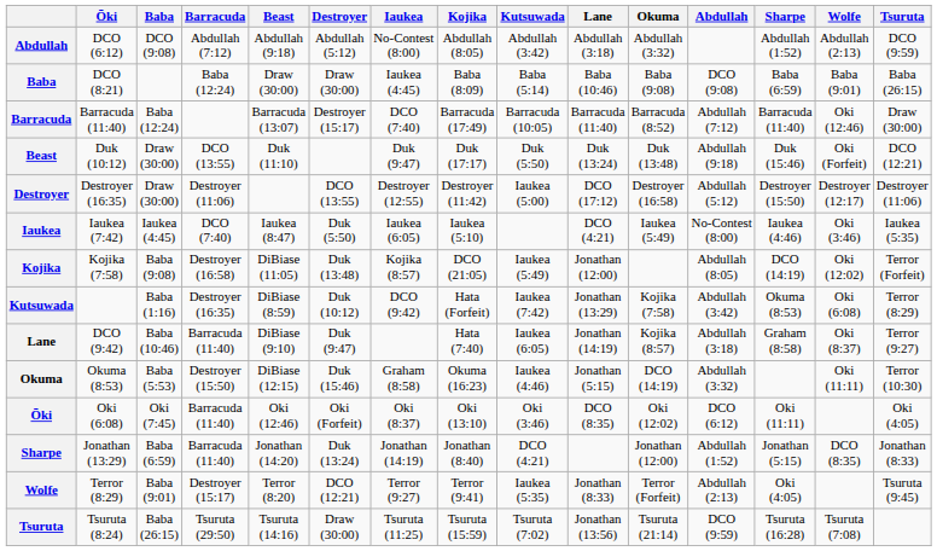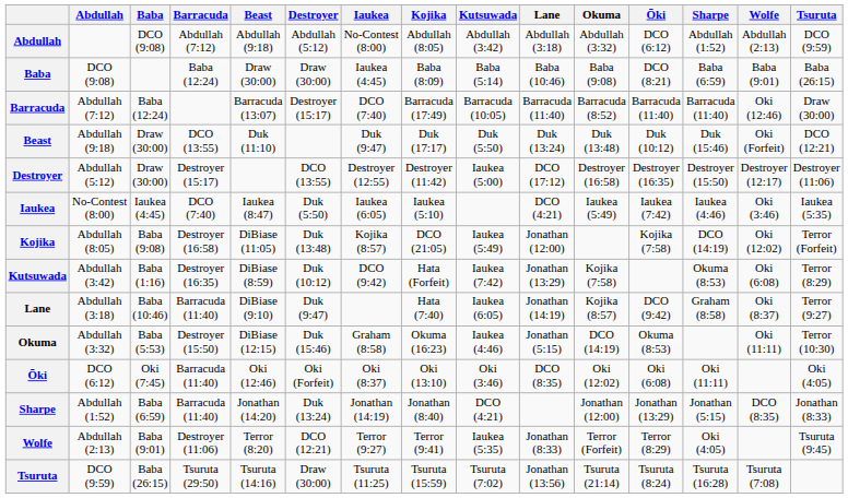 <table class="wikitable" style="margin:1em auto; font-size:80%; text-align:center;">
 <tr>
 <th></th>
-<th><a href='#'>Ōki</a></th>
+<th><a href='#'>Abdullah</a></th>
 <th><a href='#'>Baba</a></th>
 <th><a href='#'>Barracuda</a></th>
 <th><a href='#'>Beast</a></th>
 <th><a href='#'>Destroyer</a></th>
 <th><a href='#'>Iaukea</a></th>
 <th><a href='#'>Kojika</a></th>
 <th><a href='#'>Kutsuwada</a></th>
 <th>Lane</th>
 <th>Okuma</th>
-<th><a href='#'>Abdullah</a></th>
+<th><a href='#'>Ōki</a></th>
 <th><a href='#'>Sharpe</a></th>
 <th><a href='#'>Wolfe</a></th>
 <th><a href='#'>Tsuruta</a></th>
 </tr>
 <tr>
 <th><a href='#'>Abdullah</a></th>
-<td>DCO<br>(6:12)</td>
+<td></td>
 <td>DCO<br>(9:08)</td>
 <td>Abdullah<br>(7:12)</td>
 <td>Abdullah<br>(9:18)</td>
 <td>Abdullah<br>(5:12)</td>
 <td>No-Contest<br>(8:00)</td>
 <td>Abdullah<br>(8:05)</td>
 <td>Abdullah<br>(3:42)</td>
 <td>Abdullah<br>(3:18)</td>
 <td>Abdullah<br>(3:32)</td>
-<td></td>
+<td>DCO<br>(6:12)</td>
 <td>Abdullah<br>(1:52)</td>
 <td>Abdullah<br>(2:13)</td>
 <td>DCO<br>(9:59)</td>
 </tr>
 <tr>
 <th><a href='#'>Baba</a></th>
-<td>DCO<br>(8:21)</td>
+<td>DCO<br>(9:08)</td>
 <td></td>
 <td>Baba<br>(12:24)</td>
 <td>Draw<br>(30:00)</td>
 <td>Draw<br>(30:00)</td>
 <td>Iaukea<br>(4:45)</td>
 <td>Baba<br>(8:09)</td>
 <td>Baba<br>(5:14)</td>
 <td>Baba<br>(10:46)</td>
 <td>Baba<br>(9:08)</td>
-<td>DCO<br>(9:08)</td>
+<td>DCO<br>(8:21)</td>
 <td>Baba<br>(6:59)</td>
 <td>Baba<br>(9:01)</td>
 <td>Baba<br>(26:15)</td>
 </tr>
 <tr>
 <th><a href='#'>Barracuda</a></th>
-<td>Barracuda<br>(11:40)</td>
+<td>Abdullah<br>(7:12)</td>
 <td>Baba<br>(12:24)</td>
 <td></td>
 <td>Barracuda<br>(13:07)</td>
 <td>Destroyer<br>(15:17)</td>
 <td>DCO<br>(7:40)</td>
 <td>Barracuda<br>(17:49)</td>
 <td>Barracuda<br>(10:05)</td>
 <td>Barracuda<br>(11:40)</td>
 <td>Barracuda<br>(8:52)</td>
-<td>Abdullah<br>(7:12)</td>
+<td>Barracuda<br>(11:40)</td>
 <td>Barracuda<br>(11:40)</td>
 <td>Oki<br>(12:46)</td>
 <td>Draw<br>(30:00)</td>
 </tr>
 <tr>
 <th><a href='#'>Beast</a></th>
-<td>Duk<br>(10:12)</td>
+<td>Abdullah<br>(9:18)</td>
 <td>Draw<br>(30:00)</td>
 <td>DCO<br>(13:55)</td>
 <td>Duk<br>(11:10)</td>
 <td></td>
 <td>Duk<br>(9:47)</td>
 <td>Duk<br>(17:17)</td>
 <td>Duk<br>(5:50)</td>
 <td>Duk<br>(13:24)</td>
 <td>Duk<br>(13:48)</td>
-<td>Abdullah<br>(9:18)</td>
+<td>Duk<br>(10:12)</td>
 <td>Duk<br>(15:46)</td>
 <td>Oki<br>(Forfeit)</td>
 <td>DCO<br>(12:21)</td>
 </tr>
 <tr>
 <th><a href='#'>Destroyer</a></th>
-<td>Destroyer<br>(16:35)</td>
+<td>Abdullah<br>(5:12)</td>
 <td>Draw<br>(30:00)</td>
-<td>Destroyer<br>(11:06)</td>
+<td>Destroyer<br>(15:17)</td>
 <td></td>
 <td>DCO<br>(13:55)</td>
 <td>Destroyer<br>(12:55)</td>
 <td>Destroyer<br>(11:42)</td>
 <td>Iaukea<br>(5:00)</td>
 <td>DCO<br>(17:12)</td>
 <td>Destroyer<br>(16:58)</td>
-<td>Abdullah<br>(5:12)</td>
+<td>Destroyer<br>(16:35)</td>
 <td>Destroyer<br>(15:50)</td>
 <td>Destroyer<br>(12:17)</td>
 <td>Destroyer<br>(11:06)</td>
 </tr>
 <tr>
 <th><a href='#'>Iaukea</a></th>
-<td>Iaukea<br>(7:42)</td>
+<td>No-Contest<br>(8:00)</td>
 <td>Iaukea<br>(4:45)</td>
 <td>DCO<br>(7:40)</td>
 <td>Iaukea<br>(8:47)</td>
 <td>Duk<br>(5:50)</td>
 <td>Iaukea<br>(6:05)</td>
 <td>Iaukea<br>(5:10)</td>
 <td></td>
 <td>DCO<br>(4:21)</td>
 <td>Iaukea<br>(5:49)</td>
-<td>No-Contest<br>(8:00)</td>
+<td>Iaukea<br>(7:42)</td>
 <td>Iaukea<br>(4:46)</td>
 <td>Oki<br>(3:46)</td>
 <td>Iaukea<br>(5:35)</td>
 </tr>
 <tr>
 <th><a href='#'>Kojika</a></th>
-<td>Kojika<br>(7:58)</td>
+<td>Abdullah<br>(8:05)</td>
 <td>Baba<br>(9:08)</td>
 <td>Destroyer<br>(16:58)</td>
 <td>DiBiase<br>(11:05)</td>
 <td>Duk<br>(13:48)</td>
 <td>Kojika<br>(8:57)</td>
 <td>DCO<br>(21:05)</td>
 <td>Iaukea<br>(5:49)</td>
 <td>Jonathan<br>(12:00)</td>
 <td></td>
-<td>Abdullah<br>(8:05)</td>
+<td>Kojika<br>(7:58)</td>
 <td>DCO<br>(14:19)</td>
 <td>Oki<br>(12:02)</td>
 <td>Terror<br>(Forfeit)</td>
 </tr>
 <tr>
 <th><a href='#'>Kutsuwada</a></th>
-<td></td>
+<td>Abdullah<br>(3:42)</td>
 <td>Baba<br>(1:16)</td>
 <td>Destroyer<br>(16:35)</td>
 <td>DiBiase<br>(8:59)</td>
 <td>Duk<br>(10:12)</td>
 <td>DCO<br>(9:42)</td>
 <td>Hata<br>(Forfeit)</td>
 <td>Iaukea<br>(7:42)</td>
 <td>Jonathan<br>(13:29)</td>
 <td>Kojika<br>(7:58)</td>
-<td>Abdullah<br>(3:42)</td>
+<td></td>
 <td>Okuma<br>(8:53)</td>
 <td>Oki<br>(6:08)</td>
 <td>Terror<br>(8:29)</td>
 </tr>
 <tr>
 <th>Lane</th>
-<td>DCO<br>(9:42)</td>
+<td>Abdullah<br>(3:18)</td>
 <td>Baba<br>(10:46)</td>
 <td>Barracuda<br>(11:40)</td>
 <td>DiBiase<br>(9:10)</td>
 <td>Duk<br>(9:47)</td>
 <td></td>
 <td>Hata<br>(7:40)</td>
 <td>Iaukea<br>(6:05)</td>
 <td>Jonathan<br>(14:19)</td>
 <td>Kojika<br>(8:57)</td>
-<td>Abdullah<br>(3:18)</td>
+<td>DCO<br>(9:42)</td>
 <td>Graham<br>(8:58)</td>
 <td>Oki<br>(8:37)</td>
 <td>Terror<br>(9:27)</td>
 </tr>
 <tr>
 <th>Okuma</th>
-<td>Okuma<br>(8:53)</td>
+<td>Abdullah<br>(3:32)</td>
 <td>Baba<br>(5:53)</td>
 <td>Destroyer<br>(15:50)</td>
 <td>DiBiase<br>(12:15)</td>
 <td>Duk<br>(15:46)</td>
 <td>Graham<br>(8:58)</td>
 <td>Okuma<br>(16:23)</td>
 <td>Iaukea<br>(4:46)</td>
 <td>Jonathan<br>(5:15)</td>
 <td>DCO<br>(14:19)</td>
-<td>Abdullah<br>(3:32)</td>
+<td>Okuma<br>(8:53)</td>
 <td></td>
 <td>Oki<br>(11:11)</td>
 <td>Terror<br>(10:30)</td>
 </tr>
 <tr>
 <th><a href='#'>Ōki</a></th>
-<td>Oki<br>(6:08)</td>
+<td>DCO<br>(6:12)</td>
 <td>Oki<br>(7:45)</td>
 <td>Barracuda<br>(11:40)</td>
 <td>Oki<br>(12:46)</td>
 <td>Oki<br>(Forfeit)</td>
 <td>Oki<br>(8:37)</td>
 <td>Oki<br>(13:10)</td>
 <td>Oki<br>(3:46)</td>
 <td>DCO<br>(8:35)</td>
 <td>Oki<br>(12:02)</td>
-<td>DCO<br>(6:12)</td>
+<td>Oki<br>(6:08)</td>
 <td>Oki<br>(11:11)</td>
 <td></td>
 <td>Oki<br>(4:05)</td>
 </tr>
 <tr>
 <th><a href='#'>Sharpe</a></th>
-<td>Jonathan<br>(13:29)</td>
+<td>Abdullah<br>(1:52)</td>
 <td>Baba<br>(6:59)</td>
 <td>Barracuda<br>(11:40)</td>
 <td>Jonathan<br>(14:20)</td>
 <td>Duk<br>(13:24)</td>
 <td>Jonathan<br>(14:19)</td>
 <td>Jonathan<br>(8:40)</td>
 <td>DCO<br>(4:21)</td>
 <td></td>
 <td>Jonathan<br>(12:00)</td>
-<td>Abdullah<br>(1:52)</td>
+<td>Jonathan<br>(13:29)</td>
 <td>Jonathan<br>(5:15)</td>
 <td>DCO<br>(8:35)</td>
 <td>Jonathan<br>(8:33)</td>
 </tr>
 <tr>
 <th><a href='#'>Wolfe</a></th>
-<td>Terror<br>(8:29)</td>
+<td>Abdullah<br>(2:13)</td>
 <td>Baba<br>(9:01)</td>
-<td>Destroyer<br>(15:17)</td>
+<td>Destroyer<br>(11:06)</td>
 <td>Terror<br>(8:20)</td>
 <td>DCO<br>(12:21)</td>
 <td>Terror<br>(9:27)</td>
 <td>Terror<br>(9:41)</td>
 <td>Iaukea<br>(5:35)</td>
 <td>Jonathan<br>(8:33)</td>
 <td>Terror<br>(Forfeit)</td>
-<td>Abdullah<br>(2:13)</td>
+<td>Terror<br>(8:29)</td>
 <td>Oki<br>(4:05)</td>
 <td></td>
 <td>Tsuruta<br>(9:45)</td>
 </tr>
 <tr>
 <th><a href='#'>Tsuruta</a></th>
-<td>Tsuruta<br>(8:24)</td>
+<td>DCO<br>(9:59)</td>
 <td>Baba<br>(26:15)</td>
 <td>Tsuruta<br>(29:50)</td>
 <td>Tsuruta<br>(14:16)</td>
 <td>Draw<br>(30:00)</td>
 <td>Tsuruta<br>(11:25)</td>
 <td>Tsuruta<br>(15:59)</td>
 <td>Tsuruta<br>(7:02)</td>
 <td>Jonathan<br>(13:56)</td>
 <td>Tsuruta<br>(21:14)</td>
-<td>DCO<br>(9:59)</td>
+<td>Tsuruta<br>(8:24)</td>
 <td>Tsuruta<br>(16:28)</td>
 <td>Tsuruta<br>(7:08)</td>
 <td></td>
 </tr>
 </table>
